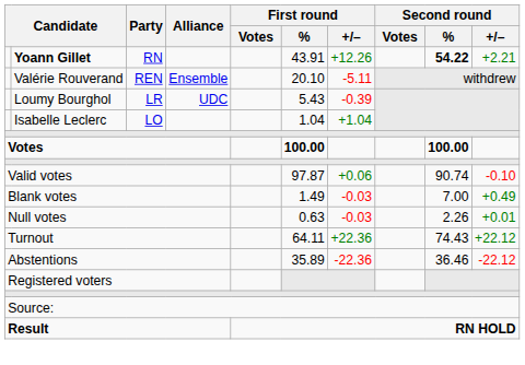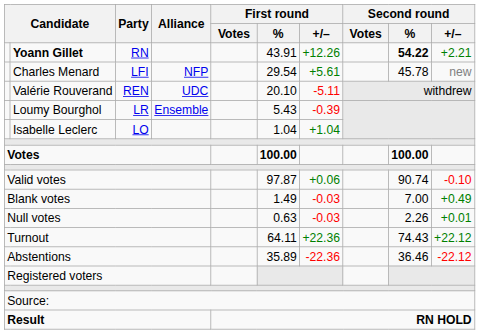 <table class="wikitable" style="text-align:right;font-size:95%;">
 <tr>
 <th rowspan="2" colspan="2">Candidate</th>
 <th colspan="1" rowspan="2">Party</th>
 <th colspan="1" rowspan="2">Alliance</th>
 <th colspan="3">First round</th>
 <th colspan="3">Second round</th>
 </tr>
 <tr>
 <th style="width:50px;">Votes</th>
 <th style="width:45px;">%</th>
 <th style="width:45px;">+/–</th>
 <th style="width:50px;">Votes</th>
 <th style="width:45px;">%</th>
 <th style="width:45px;">+/–</th>
 </tr>
 <tr>
 <td style="color:inherit;background:"></td>
 <td style="text-align:left;"><strong>Yoann Gillet</strong></td>
 <td><a href='#'>RN</a></td>
 <td></td>
 <td></td>
 <td>43.91</td>
 <td style="color:green;">+12.26</td>
 <td><strong></strong></td>
 <td><strong>54.22</strong></td>
 <td style="color:green;">+2.21</td>
 </tr>
 <tr>
 <td style="color:inherit;background:"></td>
+<td style="text-align:left;">Charles Menard</td>
+<td><a href='#'>LFI</a></td>
+<td><a href='#'>NFP</a></td>
+<td></td>
+<td>29.54</td>
+<td style="color:green;">+5.61</td>
+<td></td>
+<td>45.78</td>
+<td style="color:grey;">new</td>
+</tr>
+<tr>
+<td style="color:inherit;background:"></td>
 <td style="text-align:left;">Valérie Rouverand</td>
 <td><a href='#'>REN</a></td>
-<td><a href='#'>Ensemble</a></td>
+<td><a href='#'>UDC</a></td>
 <td></td>
 <td>20.10</td>
 <td style="color:red;">-5.11</td>
 <td colspan="3" style="background:#E9E9E9;">withdrew</td>
 </tr>
 <tr>
 <td style="color:inherit;background:"></td>
 <td style="text-align:left;">Loumy Bourghol</td>
 <td><a href='#'>LR</a></td>
-<td><a href='#'>UDC</a></td>
+<td><a href='#'>Ensemble</a></td>
 <td></td>
 <td>5.43</td>
 <td style="color:red;">-0.39</td>
 <td colspan="3" rowspan="2" style="background:#E9E9E9;"></td>
 </tr>
 <tr>
 <td style="color:inherit;background:"></td>
 <td style="text-align:left;">Isabelle Leclerc</td>
 <td><a href='#'>LO</a></td>
 <td></td>
 <td></td>
 <td>1.04</td>
 <td style="color:green;">+1.04</td>
 </tr>
 <tr>
 <td colspan="10" style="background:#E9E9E9;"></td>
 </tr>
 <tr style="font-weight:bold;">
 <td colspan="4" style="text-align:left;">Votes</td>
 <td></td>
 <td>100.00</td>
 <td></td>
 <td></td>
 <td>100.00</td>
 <td></td>
 </tr>
 <tr>
 <td colspan="10" style="background:#E9E9E9;"></td>
 </tr>
 <tr>
 <td colspan="4" style="text-align:left;">Valid votes</td>
 <td></td>
 <td>97.87</td>
 <td style="color:green;">+0.06</td>
 <td></td>
 <td>90.74</td>
 <td style="color:red;">-0.10</td>
 </tr>
 <tr>
 <td colspan="4" style="text-align:left;">Blank votes</td>
 <td></td>
 <td>1.49</td>
 <td style="color:red;">-0.03</td>
 <td></td>
 <td>7.00</td>
 <td style="color:green;">+0.49</td>
 </tr>
 <tr>
 <td colspan="4" style="text-align:left;">Null votes</td>
 <td></td>
 <td>0.63</td>
 <td style="color:red;">-0.03</td>
 <td></td>
 <td>2.26</td>
 <td style="color:green;">+0.01</td>
 </tr>
 <tr>
 <td colspan="4" style="text-align:left;">Turnout</td>
 <td></td>
 <td>64.11</td>
 <td style="color:green;">+22.36</td>
 <td></td>
 <td>74.43</td>
 <td style="color:green;">+22.12</td>
 </tr>
 <tr>
 <td colspan="4" style="text-align:left;">Abstentions</td>
 <td></td>
 <td>35.89</td>
 <td style="color:red;">-22.36</td>
 <td></td>
 <td>36.46</td>
 <td style="color:red;">-22.12</td>
 </tr>
 <tr>
 <td colspan="4" style="text-align:left;">Registered voters</td>
 <td></td>
 <td colspan="2" style="background:#E9E9E9;"></td>
 <td></td>
 <td colspan="2" style="background:#E9E9E9;"></td>
 </tr>
 <tr>
 <td colspan="10" style="background:#E9E9E9;"></td>
 </tr>
 <tr>
 <td colspan="10" style="text-align:left;">Source: </td>
 </tr>
 <tr style="font-weight:bold">
 <td colspan="4" style="text-align:left;">Result</td>
 <td colspan="6" style="background-color:">RN HOLD</td>
 </tr>
 </table>
